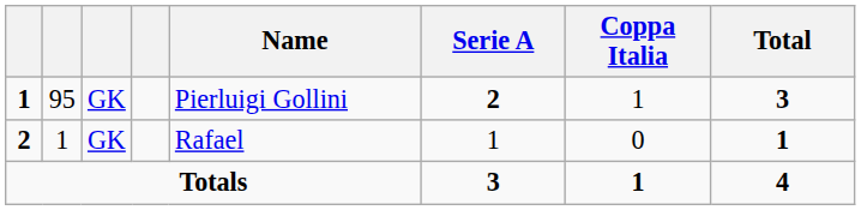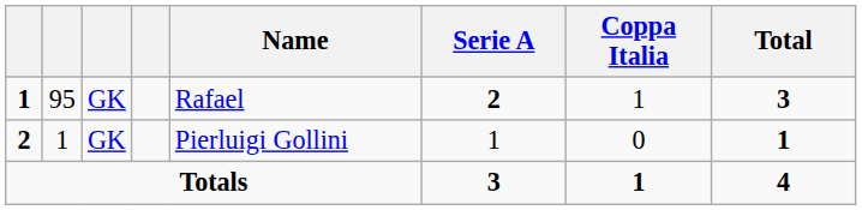 <table class="wikitable" style="text-align:center">
 <tr>
 <th width=15></th>
 <th width=15></th>
 <th width=15></th>
 <th width=15></th>
 <th width=145>Name</th>
 <th width=80><a href='#'>Serie A</a></th>
 <th width=80><a href='#'>Coppa Italia</a></th>
 <th width=80>Total</th>
 </tr>
 <tr>
 <td><strong>1</strong></td>
 <td>95</td>
 <td><a href='#'>GK</a></td>
 <td></td>
-<td align=left><a href='#'>Pierluigi Gollini</a></td>
+<td align=left><a href='#'>Rafael</a></td>
 <td><strong>2</strong></td>
 <td>1</td>
 <td><strong>3</strong></td>
 </tr>
 <tr>
 <td><strong>2</strong></td>
 <td>1</td>
 <td><a href='#'>GK</a></td>
 <td></td>
-<td align=left><a href='#'>Rafael</a></td>
+<td align=left><a href='#'>Pierluigi Gollini</a></td>
 <td>1</td>
 <td>0</td>
 <td><strong>1</strong></td>
 </tr>
 <tr>
 <td colspan=5><strong>Totals</strong></td>
 <td><strong>3</strong></td>
 <td><strong>1</strong></td>
 <td><strong>4</strong></td>
 </tr>
 </table>
